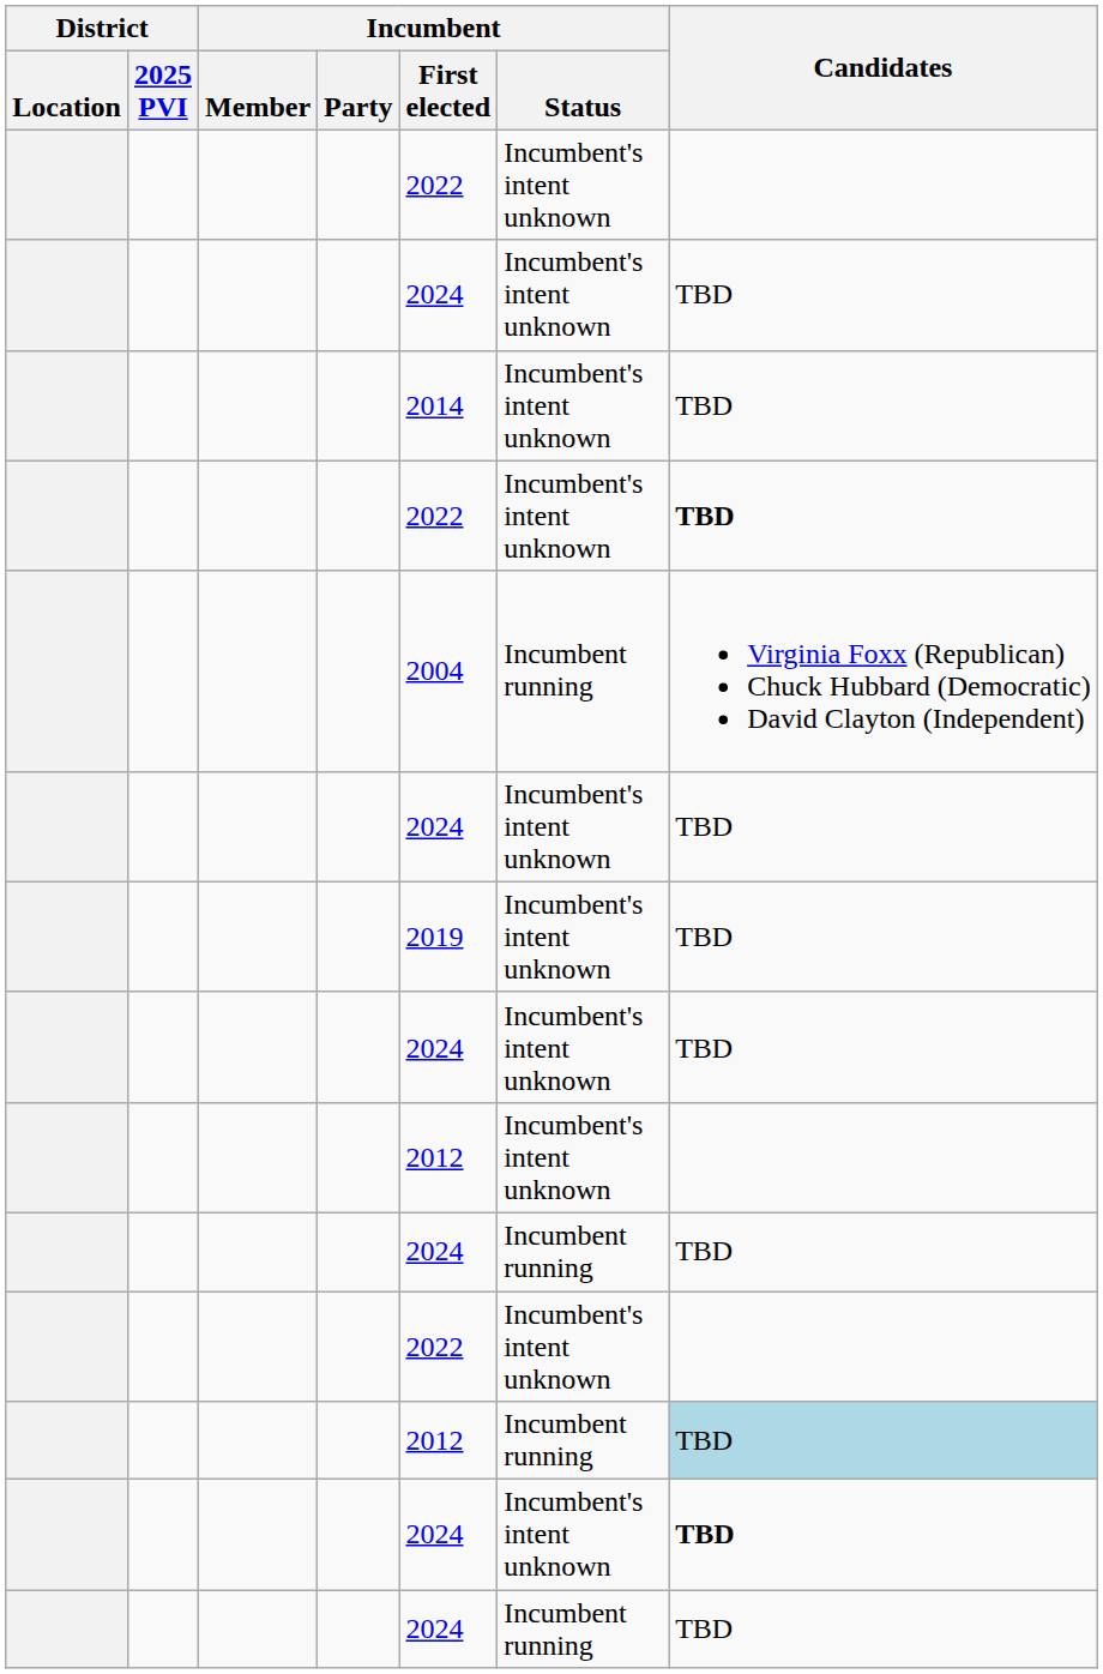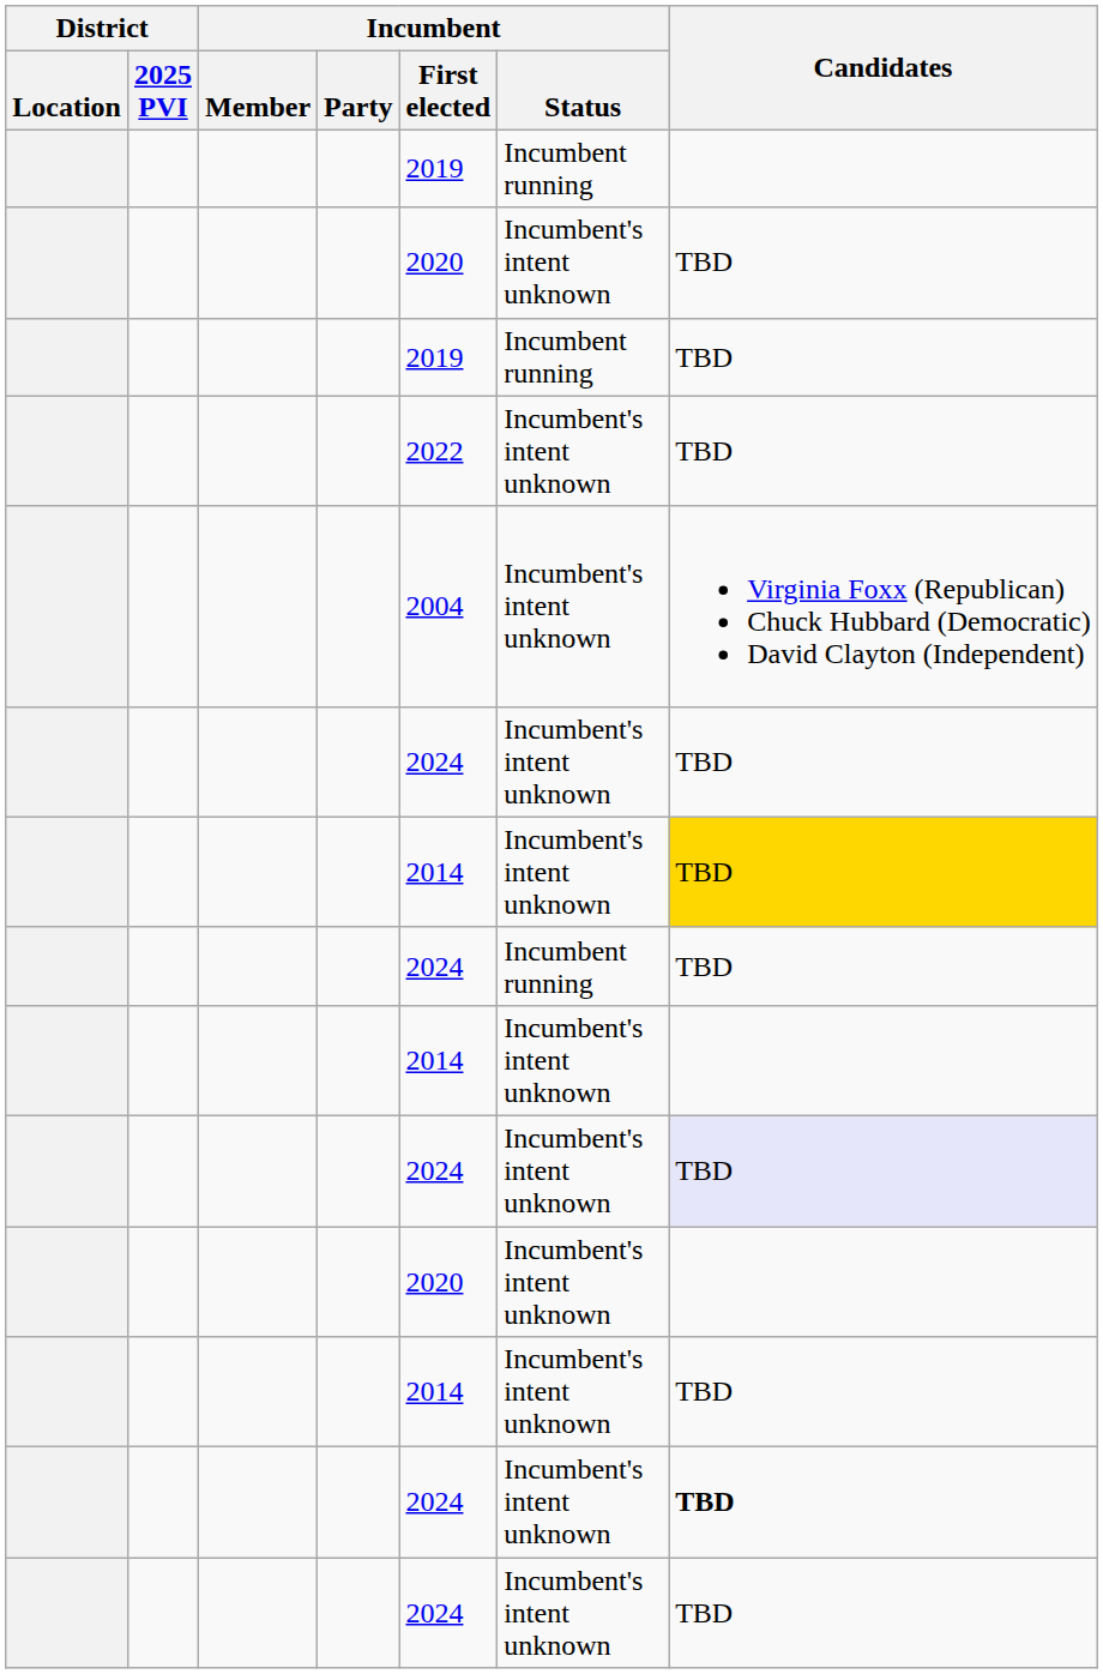 <table class="wikitable sortable">
 <tr>
 <th colspan=2>District</th>
 <th colspan=4>Incumbent</th>
 <th rowspan=2 class="unsortable">Candidates</th>
 </tr>
 <tr valign=bottom>
 <th>Location</th>
 <th><a href='#'>2025<br>PVI</a></th>
 <th>Member</th>
 <th>Party</th>
 <th>First<br>elected</th>
 <th>Status</th>
 </tr>
 <tr>
 <th></th>
 <td></td>
 <td></td>
 <td></td>
-<td><a href='#'>2022</a></td>
-<td>Incumbent's intent unknown</td>
+<td><a href='#'>2019</a></td>
+<td>Incumbent running</td>
 <td></td>
 </tr>
 <tr>
 <th></th>
 <td></td>
 <td></td>
 <td></td>
-<td><a href='#'>2024</a></td>
+<td><a href='#'>2020</a></td>
 <td>Incumbent's intent unknown</td>
 <td>TBD</td>
 </tr>
 <tr>
 <th></th>
 <td></td>
 <td></td>
 <td></td>
-<td><a href='#'>2014 </a></td>
-<td>Incumbent's intent unknown</td>
+<td><a href='#'>2019 </a></td>
+<td>Incumbent running</td>
 <td>TBD</td>
 </tr>
 <tr>
 <th></th>
 <td></td>
 <td></td>
 <td></td>
 <td><a href='#'>2022</a></td>
 <td>Incumbent's intent unknown</td>
-<td><strong>TBD</strong></td>
+<td>TBD</td>
 </tr>
 <tr>
 <th></th>
 <td></td>
 <td></td>
 <td></td>
 <td><a href='#'>2004</a></td>
-<td>Incumbent running</td>
+<td>Incumbent's intent unknown</td>
 <td nowrap><br><ul><li><a href='#'>Virginia Foxx</a> (Republican)</li><li>Chuck Hubbard (Democratic)</li><li>David Clayton (Independent)</li></ul></td>
 </tr>
 <tr>
 <th></th>
 <td></td>
 <td></td>
 <td></td>
 <td><a href='#'>2024</a></td>
 <td>Incumbent's intent unknown</td>
 <td>TBD</td>
 </tr>
 <tr>
 <th></th>
 <td></td>
 <td></td>
 <td></td>
-<td><a href='#'>2019</a></td>
+<td><a href='#'>2014</a></td>
 <td>Incumbent's intent unknown</td>
-<td>TBD</td>
-</tr>
-<tr>
-<th></th>
-<td></td>
-<td></td>
-<td></td>
-<td><a href='#'>2024</a></td>
-<td>Incumbent's intent unknown</td>
-<td>TBD</td>
-</tr>
-<tr>
-<th></th>
-<td></td>
-<td></td>
-<td></td>
-<td><a href='#'>2012</a></td>
-<td>Incumbent's intent unknown</td>
-<td></td>
+<td style="background: gold;">TBD</td>
 </tr>
 <tr>
 <th></th>
 <td></td>
 <td></td>
 <td></td>
 <td><a href='#'>2024</a></td>
 <td>Incumbent running</td>
 <td>TBD</td>
 </tr>
 <tr>
 <th></th>
 <td></td>
 <td></td>
 <td></td>
-<td><a href='#'>2022</a></td>
+<td><a href='#'>2014</a></td>
 <td>Incumbent's intent unknown</td>
 <td></td>
 </tr>
 <tr>
 <th></th>
 <td></td>
 <td></td>
 <td></td>
-<td><a href='#'>2012 </a></td>
-<td>Incumbent running</td>
-<td style="background: lightblue;">TBD</td>
+<td><a href='#'>2024</a></td>
+<td>Incumbent's intent unknown</td>
+<td style="background: lavender;">TBD</td>
+</tr>
+<tr>
+<th></th>
+<td></td>
+<td></td>
+<td></td>
+<td><a href='#'>2020</a></td>
+<td>Incumbent's intent unknown</td>
+<td></td>
+</tr>
+<tr>
+<th></th>
+<td></td>
+<td></td>
+<td></td>
+<td><a href='#'>2014 </a></td>
+<td>Incumbent's intent unknown</td>
+<td>TBD</td>
 </tr>
 <tr>
 <th></th>
 <td></td>
 <td></td>
 <td></td>
 <td><a href='#'>2024</a></td>
 <td>Incumbent's intent unknown</td>
 <td><strong>TBD</strong></td>
 </tr>
 <tr>
 <th></th>
 <td></td>
 <td></td>
 <td></td>
 <td><a href='#'>2024</a></td>
-<td>Incumbent running</td>
+<td>Incumbent's intent unknown</td>
 <td>TBD</td>
 </tr>
 </table>
